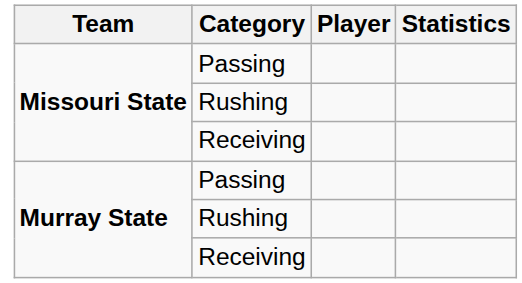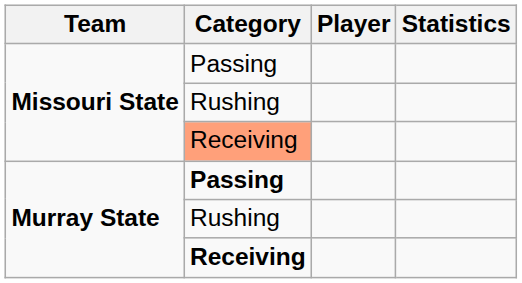 <table class="wikitable" style="float: right;">
 <tr>
 <th>Team</th>
 <th>Category</th>
 <th>Player</th>
 <th>Statistics</th>
 </tr>
 <tr>
 <td rowspan=3><strong>Missouri State</strong></td>
 <td>Passing</td>
 <td></td>
 <td></td>
 </tr>
 <tr>
 <td>Rushing</td>
 <td></td>
 <td></td>
 </tr>
 <tr>
-<td>Receiving</td>
+<td style="background: lightsalmon;">Receiving</td>
 <td></td>
 <td></td>
 </tr>
 <tr>
 <td rowspan=3><strong>Murray State</strong></td>
-<td>Passing</td>
+<td><strong>Passing</strong></td>
 <td></td>
 <td></td>
 </tr>
 <tr>
 <td>Rushing</td>
 <td></td>
 <td></td>
 </tr>
 <tr>
-<td>Receiving</td>
+<td><strong>Receiving</strong></td>
 <td></td>
 <td></td>
 </tr>
 </table>
